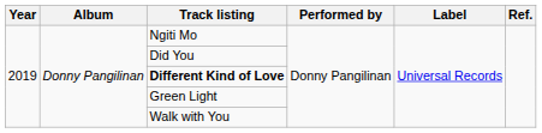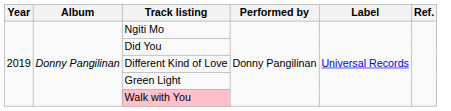 <table class="wikitable">
 <tr>
 <th>Year</th>
 <th>Album</th>
 <th>Track listing</th>
 <th>Performed by</th>
 <th>Label</th>
 <th>Ref.</th>
 </tr>
 <tr>
 <td rowspan="5">2019</td>
 <td rowspan="5"><em>Donny Pangilinan</em></td>
 <td>Ngiti Mo</td>
 <td rowspan="5">Donny Pangilinan</td>
 <td rowspan="5"><a href='#'>Universal Records</a></td>
 <td rowspan="5"></td>
 </tr>
 <tr>
 <td>Did You</td>
 </tr>
 <tr>
-<td><strong>Different Kind of Love</strong></td>
+<td>Different Kind of Love</td>
 </tr>
 <tr>
 <td>Green Light</td>
 </tr>
 <tr>
-<td>Walk with You</td>
+<td style="background: pink;">Walk with You</td>
 </tr>
 </table>
